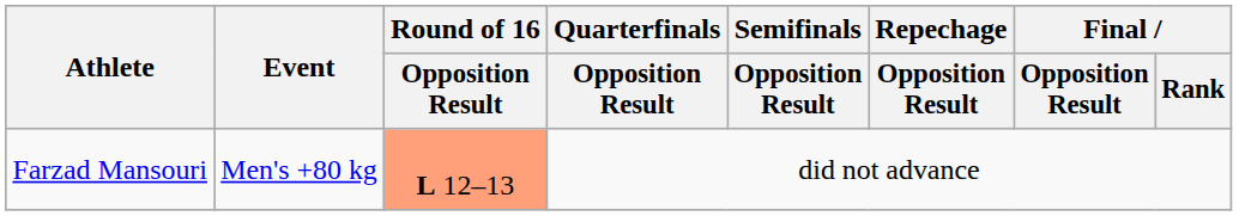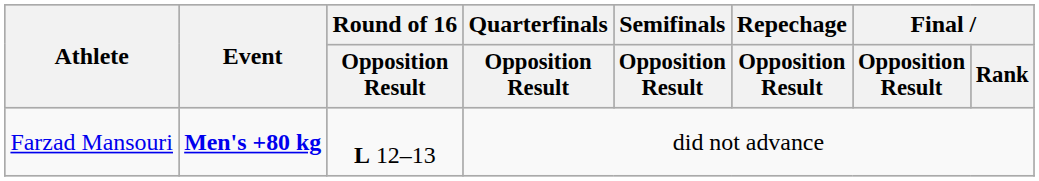 <table class="wikitable" style="font-size:90%;">
 <tr>
 <th rowspan=2>Athlete</th>
 <th rowspan=2>Event</th>
 <th>Round of 16</th>
 <th>Quarterfinals</th>
 <th>Semifinals</th>
 <th>Repechage</th>
 <th colspan=2>Final / </th>
 </tr>
 <tr style="font-size:95%">
 <th>Opposition<br>Result</th>
 <th>Opposition<br>Result</th>
 <th>Opposition<br>Result</th>
 <th>Opposition<br>Result</th>
 <th>Opposition<br>Result</th>
 <th>Rank</th>
 </tr>
 <tr align=center>
 <td align=left><a href='#'>Farzad Mansouri</a></td>
-<td align=left><a href='#'>Men's +80 kg</a></td>
-<td style="background: lightsalmon;"><br><strong>L</strong> 12–13</td>
+<td align=left><strong><a href='#'>Men's +80 kg</a></strong></td>
+<td><br><strong>L</strong> 12–13</td>
 <td colspan=5>did not advance</td>
 </tr>
 </table>
